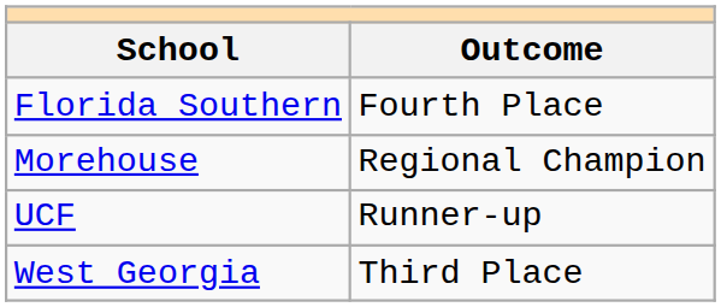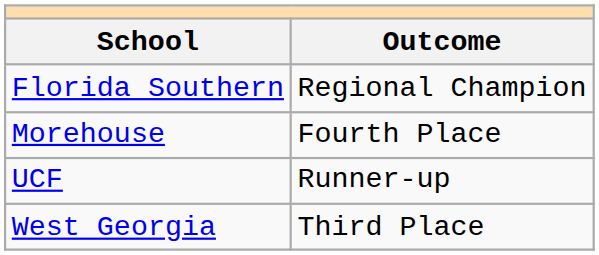 <table class="wikitable" style="float:left; margin-right:1em;">
 <tr>
 <th colspan="3" style="background:#ffdead;"></th>
 </tr>
 <tr>
 <th>School</th>
 <th>Outcome</th>
 </tr>
 <tr>
 <td><a href='#'>Florida Southern</a></td>
-<td>Fourth Place</td>
+<td>Regional Champion</td>
 </tr>
 <tr>
 <td><a href='#'>Morehouse</a></td>
-<td>Regional Champion</td>
+<td>Fourth Place</td>
 </tr>
 <tr>
 <td><a href='#'>UCF</a></td>
 <td>Runner-up</td>
 </tr>
 <tr>
 <td><a href='#'>West Georgia</a></td>
 <td>Third Place</td>
 </tr>
 </table>
